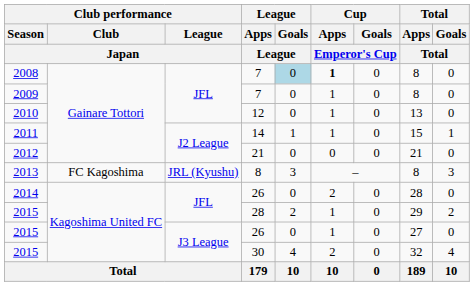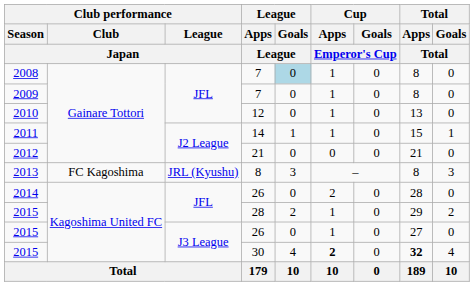 <table class="wikitable" style="text-align:center;">
 <tr>
 <th colspan=3>Club performance</th>
 <th colspan=2>League</th>
 <th colspan=2>Cup</th>
 <th colspan=2>Total</th>
 </tr>
 <tr>
 <th>Season</th>
 <th>Club</th>
 <th>League</th>
 <th>Apps</th>
 <th>Goals</th>
 <th>Apps</th>
 <th>Goals</th>
 <th>Apps</th>
 <th>Goals</th>
 </tr>
 <tr>
 <th colspan=3>Japan</th>
 <th colspan=2>League</th>
 <th colspan=2><a href='#'>Emperor's Cup</a></th>
 <th colspan=2>Total</th>
 </tr>
 <tr>
 <td><a href='#'>2008</a></td>
 <td rowspan="5"><a href='#'>Gainare Tottori</a></td>
 <td rowspan="3"><a href='#'>JFL</a></td>
 <td>7</td>
 <td style="background: lightblue;">0</td>
-<td><strong>1</strong></td>
+<td>1</td>
 <td>0</td>
 <td>8</td>
 <td>0</td>
 </tr>
 <tr>
 <td><a href='#'>2009</a></td>
 <td>7</td>
 <td>0</td>
 <td>1</td>
 <td>0</td>
 <td>8</td>
 <td>0</td>
 </tr>
 <tr>
 <td><a href='#'>2010</a></td>
 <td>12</td>
 <td>0</td>
 <td>1</td>
 <td>0</td>
 <td>13</td>
 <td>0</td>
 </tr>
 <tr>
 <td><a href='#'>2011</a></td>
 <td rowspan="2"><a href='#'>J2 League</a></td>
 <td>14</td>
 <td>1</td>
 <td>1</td>
 <td>0</td>
 <td>15</td>
 <td>1</td>
 </tr>
 <tr>
 <td><a href='#'>2012</a></td>
 <td>21</td>
 <td>0</td>
 <td>0</td>
 <td>0</td>
 <td>21</td>
 <td>0</td>
 </tr>
 <tr>
 <td><a href='#'>2013</a></td>
 <td>FC Kagoshima</td>
 <td><a href='#'>JRL (Kyushu)</a></td>
 <td>8</td>
 <td>3</td>
 <td colspan="2">–</td>
 <td>8</td>
 <td>3</td>
 </tr>
 <tr>
 <td><a href='#'>2014</a></td>
 <td rowspan="4"><a href='#'>Kagoshima United FC</a></td>
 <td rowspan="2"><a href='#'>JFL</a></td>
 <td>26</td>
 <td>0</td>
 <td>2</td>
 <td>0</td>
 <td>28</td>
 <td>0</td>
 </tr>
 <tr>
 <td><a href='#'>2015</a></td>
 <td>28</td>
 <td>2</td>
 <td>1</td>
 <td>0</td>
 <td>29</td>
 <td>2</td>
 </tr>
 <tr>
 <td><a href='#'>2015</a></td>
 <td rowspan="2"><a href='#'>J3 League</a></td>
 <td>26</td>
 <td>0</td>
 <td>1</td>
 <td>0</td>
 <td>27</td>
 <td>0</td>
 </tr>
 <tr>
 <td><a href='#'>2015</a></td>
 <td>30</td>
 <td>4</td>
-<td>2</td>
+<td><strong>2</strong></td>
 <td>0</td>
-<td>32</td>
+<td><strong>32</strong></td>
 <td>4</td>
 </tr>
 <tr>
 <th colspan=3>Total</th>
 <th>179</th>
 <th>10</th>
 <th>10</th>
 <th>0</th>
 <th>189</th>
 <th>10</th>
 </tr>
 </table>
